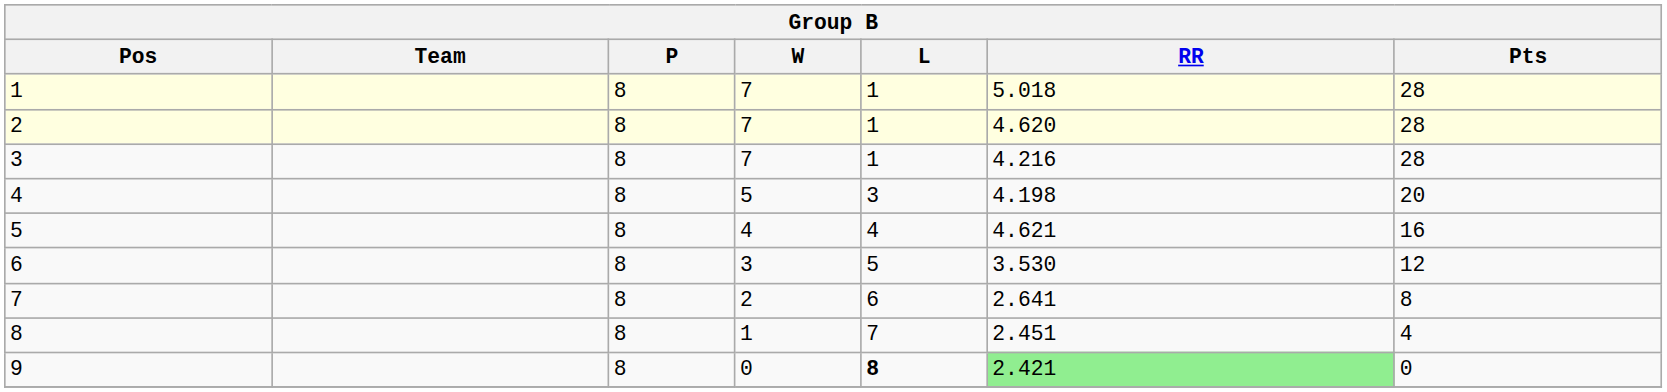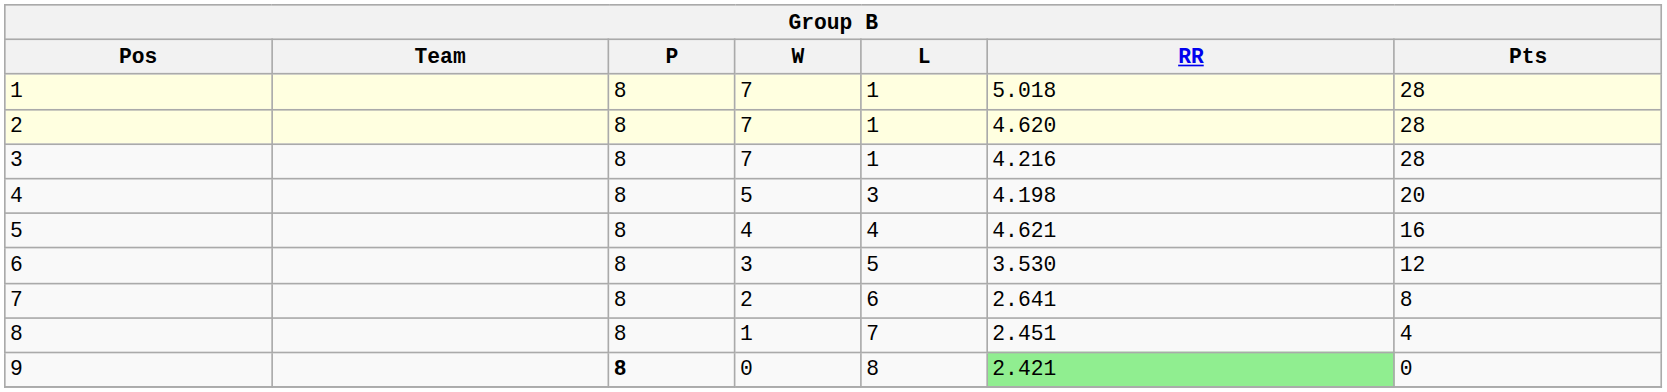 <table class="wikitable" width="80%">
 <tr bgcolor="#efefef">
 <th colspan=7>Group B</th>
 </tr>
 <tr bgcolor="#efefef">
 <th>Pos</th>
 <th>Team</th>
 <th>P</th>
 <th>W</th>
 <th>L</th>
 <th><a href='#'>RR</a></th>
 <th>Pts</th>
 </tr>
 <tr bgcolor="#ffffe0">
 <td>1</td>
 <td></td>
 <td>8</td>
 <td>7</td>
 <td>1</td>
 <td>5.018</td>
 <td>28</td>
 </tr>
 <tr bgcolor="#ffffe0">
 <td>2</td>
 <td></td>
 <td>8</td>
 <td>7</td>
 <td>1</td>
 <td>4.620</td>
 <td>28</td>
 </tr>
 <tr>
 <td>3</td>
 <td></td>
 <td>8</td>
 <td>7</td>
 <td>1</td>
 <td>4.216</td>
 <td>28</td>
 </tr>
 <tr>
 <td>4</td>
 <td></td>
 <td>8</td>
 <td>5</td>
 <td>3</td>
 <td>4.198</td>
 <td>20</td>
 </tr>
 <tr>
 <td>5</td>
 <td></td>
 <td>8</td>
 <td>4</td>
 <td>4</td>
 <td>4.621</td>
 <td>16</td>
 </tr>
 <tr>
 <td>6</td>
 <td></td>
 <td>8</td>
 <td>3</td>
 <td>5</td>
 <td>3.530</td>
 <td>12</td>
 </tr>
 <tr>
 <td>7</td>
 <td></td>
 <td>8</td>
 <td>2</td>
 <td>6</td>
 <td>2.641</td>
 <td>8</td>
 </tr>
 <tr>
 <td>8</td>
 <td></td>
 <td>8</td>
 <td>1</td>
 <td>7</td>
 <td>2.451</td>
 <td>4</td>
 </tr>
 <tr>
 <td>9</td>
 <td></td>
+<td><strong>8</strong></td>
+<td>0</td>
 <td>8</td>
-<td>0</td>
-<td><strong>8</strong></td>
 <td style="background: lightgreen;">2.421</td>
 <td>0</td>
 </tr>
 <tr>
 </tr>
 </table>
